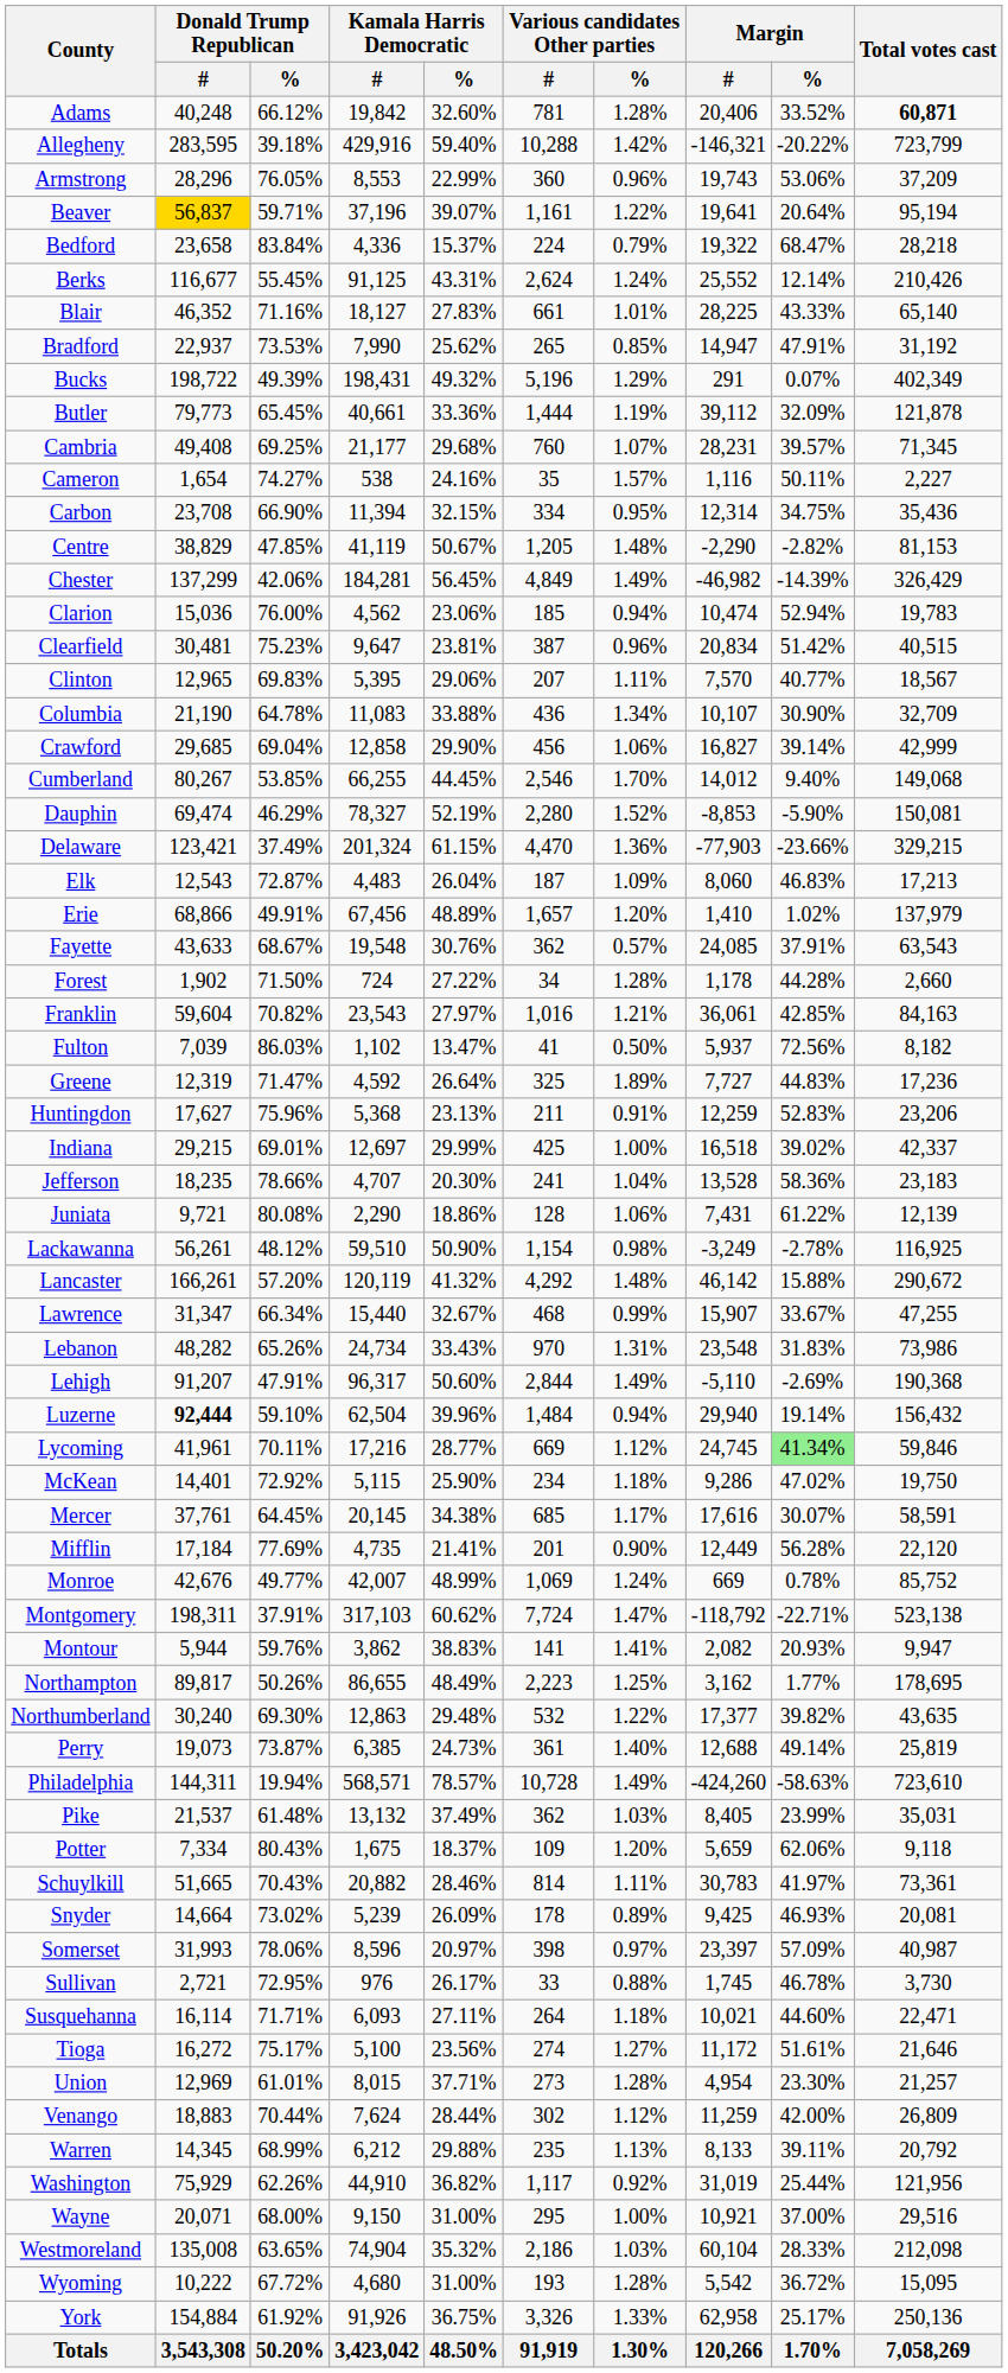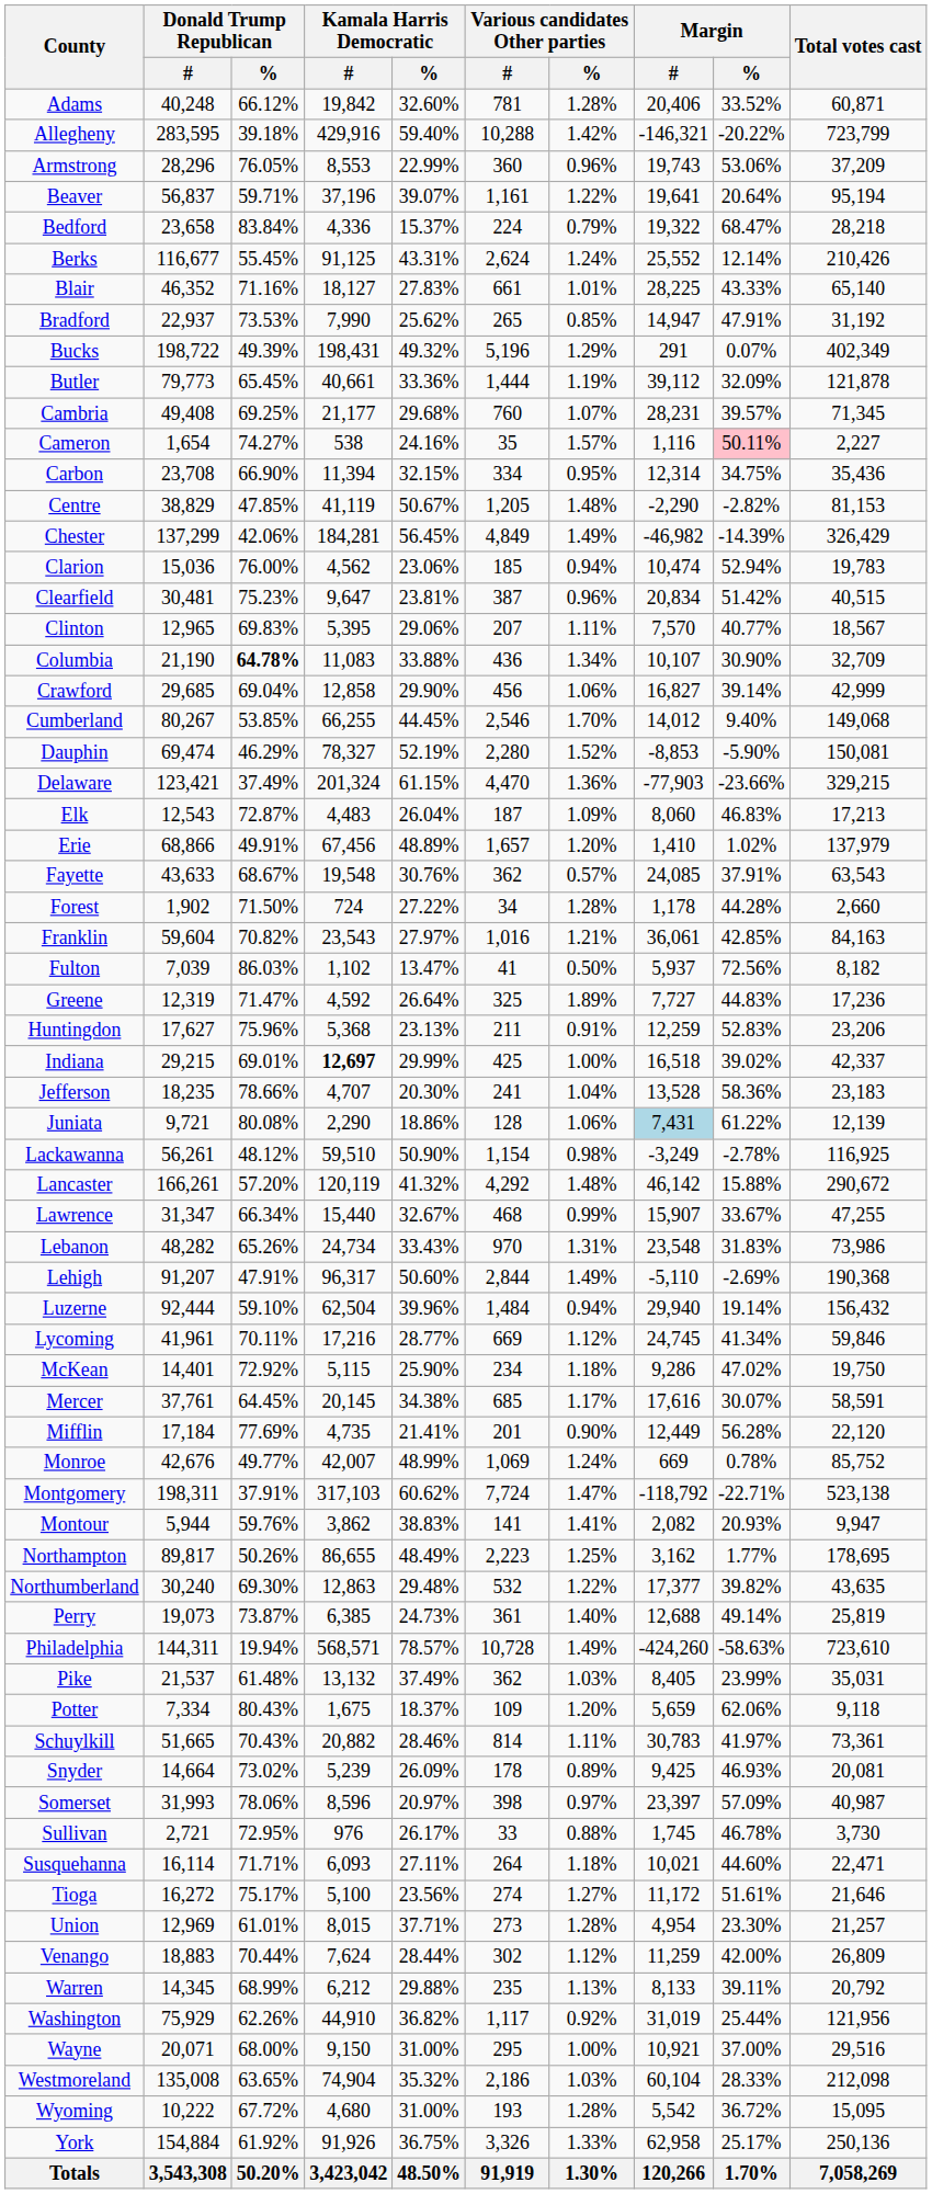 <table width="60%"  class="wikitable sortable" style="text-align:center">
 <tr>
 <th rowspan="2">County</th>
 <th style="text-align:center;" colspan="2">Donald Trump<br>Republican</th>
 <th style="text-align:center;" colspan="2">Kamala Harris<br>Democratic</th>
 <th style="text-align:center;" colspan="2">Various candidates<br>Other parties</th>
 <th style="text-align:center;" colspan="2">Margin</th>
 <th rowspan="2" style="text-align:center;">Total votes cast</th>
 </tr>
 <tr>
 <th style="text-align:center;" data-sort-type="number">#</th>
 <th style="text-align:center;" data-sort-type="number">%</th>
 <th style="text-align:center;" data-sort-type="number">#</th>
 <th style="text-align:center;" data-sort-type="number">%</th>
 <th style="text-align:center;" data-sort-type="number">#</th>
 <th style="text-align:center;" data-sort-type="number">%</th>
 <th style="text-align:center;" data-sort-type="number">#</th>
 <th style="text-align:center;" data-sort-type="number">%</th>
 </tr>
 <tr style="text-align:center;">
 <td><a href='#'>Adams</a></td>
 <td>40,248</td>
 <td>66.12%</td>
 <td>19,842</td>
 <td>32.60%</td>
 <td>781</td>
 <td>1.28%</td>
 <td>20,406</td>
 <td>33.52%</td>
-<td><strong>60,871</strong></td>
+<td>60,871</td>
 </tr>
 <tr style="text-align:center;">
 <td><a href='#'>Allegheny</a></td>
 <td>283,595</td>
 <td>39.18%</td>
 <td>429,916</td>
 <td>59.40%</td>
 <td>10,288</td>
 <td>1.42%</td>
 <td>-146,321</td>
 <td>-20.22%</td>
 <td>723,799</td>
 </tr>
 <tr style="text-align:center;">
 <td><a href='#'>Armstrong</a></td>
 <td>28,296</td>
 <td>76.05%</td>
 <td>8,553</td>
 <td>22.99%</td>
 <td>360</td>
 <td>0.96%</td>
 <td>19,743</td>
 <td>53.06%</td>
 <td>37,209</td>
 </tr>
 <tr style="text-align:center;">
 <td><a href='#'>Beaver</a></td>
-<td style="background: gold;">56,837</td>
+<td>56,837</td>
 <td>59.71%</td>
 <td>37,196</td>
 <td>39.07%</td>
 <td>1,161</td>
 <td>1.22%</td>
 <td>19,641</td>
 <td>20.64%</td>
 <td>95,194</td>
 </tr>
 <tr style="text-align:center;">
 <td><a href='#'>Bedford</a></td>
 <td>23,658</td>
 <td>83.84%</td>
 <td>4,336</td>
 <td>15.37%</td>
 <td>224</td>
 <td>0.79%</td>
 <td>19,322</td>
 <td>68.47%</td>
 <td>28,218</td>
 </tr>
 <tr style="text-align:center;">
 <td><a href='#'>Berks</a></td>
 <td>116,677</td>
 <td>55.45%</td>
 <td>91,125</td>
 <td>43.31%</td>
 <td>2,624</td>
 <td>1.24%</td>
 <td>25,552</td>
 <td>12.14%</td>
 <td>210,426</td>
 </tr>
 <tr style="text-align:center;">
 <td><a href='#'>Blair</a></td>
 <td>46,352</td>
 <td>71.16%</td>
 <td>18,127</td>
 <td>27.83%</td>
 <td>661</td>
 <td>1.01%</td>
 <td>28,225</td>
 <td>43.33%</td>
 <td>65,140</td>
 </tr>
 <tr style="text-align:center;">
 <td><a href='#'>Bradford</a></td>
 <td>22,937</td>
 <td>73.53%</td>
 <td>7,990</td>
 <td>25.62%</td>
 <td>265</td>
 <td>0.85%</td>
 <td>14,947</td>
 <td>47.91%</td>
 <td>31,192</td>
 </tr>
 <tr style="text-align:center;">
 <td><a href='#'>Bucks</a></td>
 <td>198,722</td>
 <td>49.39%</td>
 <td>198,431</td>
 <td>49.32%</td>
 <td>5,196</td>
 <td>1.29%</td>
 <td>291</td>
 <td>0.07%</td>
 <td>402,349</td>
 </tr>
 <tr style="text-align:center;">
 <td><a href='#'>Butler</a></td>
 <td>79,773</td>
 <td>65.45%</td>
 <td>40,661</td>
 <td>33.36%</td>
 <td>1,444</td>
 <td>1.19%</td>
 <td>39,112</td>
 <td>32.09%</td>
 <td>121,878</td>
 </tr>
 <tr style="text-align:center;">
 <td><a href='#'>Cambria</a></td>
 <td>49,408</td>
 <td>69.25%</td>
 <td>21,177</td>
 <td>29.68%</td>
 <td>760</td>
 <td>1.07%</td>
 <td>28,231</td>
 <td>39.57%</td>
 <td>71,345</td>
 </tr>
 <tr style="text-align:center;">
 <td><a href='#'>Cameron</a></td>
 <td>1,654</td>
 <td>74.27%</td>
 <td>538</td>
 <td>24.16%</td>
 <td>35</td>
 <td>1.57%</td>
 <td>1,116</td>
-<td>50.11%</td>
+<td style="background: pink;">50.11%</td>
 <td>2,227</td>
 </tr>
 <tr style="text-align:center;">
 <td><a href='#'>Carbon</a></td>
 <td>23,708</td>
 <td>66.90%</td>
 <td>11,394</td>
 <td>32.15%</td>
 <td>334</td>
 <td>0.95%</td>
 <td>12,314</td>
 <td>34.75%</td>
 <td>35,436</td>
 </tr>
 <tr style="text-align:center;">
 <td><a href='#'>Centre</a></td>
 <td>38,829</td>
 <td>47.85%</td>
 <td>41,119</td>
 <td>50.67%</td>
 <td>1,205</td>
 <td>1.48%</td>
 <td>-2,290</td>
 <td>-2.82%</td>
 <td>81,153</td>
 </tr>
 <tr style="text-align:center;">
 <td><a href='#'>Chester</a></td>
 <td>137,299</td>
 <td>42.06%</td>
 <td>184,281</td>
 <td>56.45%</td>
 <td>4,849</td>
 <td>1.49%</td>
 <td>-46,982</td>
 <td>-14.39%</td>
 <td>326,429</td>
 </tr>
 <tr style="text-align:center;">
 <td><a href='#'>Clarion</a></td>
 <td>15,036</td>
 <td>76.00%</td>
 <td>4,562</td>
 <td>23.06%</td>
 <td>185</td>
 <td>0.94%</td>
 <td>10,474</td>
 <td>52.94%</td>
 <td>19,783</td>
 </tr>
 <tr style="text-align:center;">
 <td><a href='#'>Clearfield</a></td>
 <td>30,481</td>
 <td>75.23%</td>
 <td>9,647</td>
 <td>23.81%</td>
 <td>387</td>
 <td>0.96%</td>
 <td>20,834</td>
 <td>51.42%</td>
 <td>40,515</td>
 </tr>
 <tr style="text-align:center;">
 <td><a href='#'>Clinton</a></td>
 <td>12,965</td>
 <td>69.83%</td>
 <td>5,395</td>
 <td>29.06%</td>
 <td>207</td>
 <td>1.11%</td>
 <td>7,570</td>
 <td>40.77%</td>
 <td>18,567</td>
 </tr>
 <tr style="text-align:center;">
 <td><a href='#'>Columbia</a></td>
 <td>21,190</td>
-<td>64.78%</td>
+<td><strong>64.78%</strong></td>
 <td>11,083</td>
 <td>33.88%</td>
 <td>436</td>
 <td>1.34%</td>
 <td>10,107</td>
 <td>30.90%</td>
 <td>32,709</td>
 </tr>
 <tr style="text-align:center;">
 <td><a href='#'>Crawford</a></td>
 <td>29,685</td>
 <td>69.04%</td>
 <td>12,858</td>
 <td>29.90%</td>
 <td>456</td>
 <td>1.06%</td>
 <td>16,827</td>
 <td>39.14%</td>
 <td>42,999</td>
 </tr>
 <tr style="text-align:center;">
 <td><a href='#'>Cumberland</a></td>
 <td>80,267</td>
 <td>53.85%</td>
 <td>66,255</td>
 <td>44.45%</td>
 <td>2,546</td>
 <td>1.70%</td>
 <td>14,012</td>
 <td>9.40%</td>
 <td>149,068</td>
 </tr>
 <tr style="text-align:center;">
 <td><a href='#'>Dauphin</a></td>
 <td>69,474</td>
 <td>46.29%</td>
 <td>78,327</td>
 <td>52.19%</td>
 <td>2,280</td>
 <td>1.52%</td>
 <td>-8,853</td>
 <td>-5.90%</td>
 <td>150,081</td>
 </tr>
 <tr style="text-align:center;">
 <td><a href='#'>Delaware</a></td>
 <td>123,421</td>
 <td>37.49%</td>
 <td>201,324</td>
 <td>61.15%</td>
 <td>4,470</td>
 <td>1.36%</td>
 <td>-77,903</td>
 <td>-23.66%</td>
 <td>329,215</td>
 </tr>
 <tr style="text-align:center;">
 <td><a href='#'>Elk</a></td>
 <td>12,543</td>
 <td>72.87%</td>
 <td>4,483</td>
 <td>26.04%</td>
 <td>187</td>
 <td>1.09%</td>
 <td>8,060</td>
 <td>46.83%</td>
 <td>17,213</td>
 </tr>
 <tr style="text-align:center;">
 <td><a href='#'>Erie</a></td>
 <td>68,866</td>
 <td>49.91%</td>
 <td>67,456</td>
 <td>48.89%</td>
 <td>1,657</td>
 <td>1.20%</td>
 <td>1,410</td>
 <td>1.02%</td>
 <td>137,979</td>
 </tr>
 <tr style="text-align:center;">
 <td><a href='#'>Fayette</a></td>
 <td>43,633</td>
 <td>68.67%</td>
 <td>19,548</td>
 <td>30.76%</td>
 <td>362</td>
 <td>0.57%</td>
 <td>24,085</td>
 <td>37.91%</td>
 <td>63,543</td>
 </tr>
 <tr style="text-align:center;">
 <td><a href='#'>Forest</a></td>
 <td>1,902</td>
 <td>71.50%</td>
 <td>724</td>
 <td>27.22%</td>
 <td>34</td>
 <td>1.28%</td>
 <td>1,178</td>
 <td>44.28%</td>
 <td>2,660</td>
 </tr>
 <tr style="text-align:center;">
 <td><a href='#'>Franklin</a></td>
 <td>59,604</td>
 <td>70.82%</td>
 <td>23,543</td>
 <td>27.97%</td>
 <td>1,016</td>
 <td>1.21%</td>
 <td>36,061</td>
 <td>42.85%</td>
 <td>84,163</td>
 </tr>
 <tr style="text-align:center;">
 <td><a href='#'>Fulton</a></td>
 <td>7,039</td>
 <td>86.03%</td>
 <td>1,102</td>
 <td>13.47%</td>
 <td>41</td>
 <td>0.50%</td>
 <td>5,937</td>
 <td>72.56%</td>
 <td>8,182</td>
 </tr>
 <tr style="text-align:center;">
 <td><a href='#'>Greene</a></td>
 <td>12,319</td>
 <td>71.47%</td>
 <td>4,592</td>
 <td>26.64%</td>
 <td>325</td>
 <td>1.89%</td>
 <td>7,727</td>
 <td>44.83%</td>
 <td>17,236</td>
 </tr>
 <tr style="text-align:center;">
 <td><a href='#'>Huntingdon</a></td>
 <td>17,627</td>
 <td>75.96%</td>
 <td>5,368</td>
 <td>23.13%</td>
 <td>211</td>
 <td>0.91%</td>
 <td>12,259</td>
 <td>52.83%</td>
 <td>23,206</td>
 </tr>
 <tr style="text-align:center;">
 <td><a href='#'>Indiana</a></td>
 <td>29,215</td>
 <td>69.01%</td>
-<td>12,697</td>
+<td><strong>12,697</strong></td>
 <td>29.99%</td>
 <td>425</td>
 <td>1.00%</td>
 <td>16,518</td>
 <td>39.02%</td>
 <td>42,337</td>
 </tr>
 <tr style="text-align:center;">
 <td><a href='#'>Jefferson</a></td>
 <td>18,235</td>
 <td>78.66%</td>
 <td>4,707</td>
 <td>20.30%</td>
 <td>241</td>
 <td>1.04%</td>
 <td>13,528</td>
 <td>58.36%</td>
 <td>23,183</td>
 </tr>
 <tr style="text-align:center;">
 <td><a href='#'>Juniata</a></td>
 <td>9,721</td>
 <td>80.08%</td>
 <td>2,290</td>
 <td>18.86%</td>
 <td>128</td>
 <td>1.06%</td>
-<td>7,431</td>
+<td style="background: lightblue;">7,431</td>
 <td>61.22%</td>
 <td>12,139</td>
 </tr>
 <tr style="text-align:center;">
 <td><a href='#'>Lackawanna</a></td>
 <td>56,261</td>
 <td>48.12%</td>
 <td>59,510</td>
 <td>50.90%</td>
 <td>1,154</td>
 <td>0.98%</td>
 <td>-3,249</td>
 <td>-2.78%</td>
 <td>116,925</td>
 </tr>
 <tr style="text-align:center;">
 <td><a href='#'>Lancaster</a></td>
 <td>166,261</td>
 <td>57.20%</td>
 <td>120,119</td>
 <td>41.32%</td>
 <td>4,292</td>
 <td>1.48%</td>
 <td>46,142</td>
 <td>15.88%</td>
 <td>290,672</td>
 </tr>
 <tr style="text-align:center;">
 <td><a href='#'>Lawrence</a></td>
 <td>31,347</td>
 <td>66.34%</td>
 <td>15,440</td>
 <td>32.67%</td>
 <td>468</td>
 <td>0.99%</td>
 <td>15,907</td>
 <td>33.67%</td>
 <td>47,255</td>
 </tr>
 <tr style="text-align:center;">
 <td><a href='#'>Lebanon</a></td>
 <td>48,282</td>
 <td>65.26%</td>
 <td>24,734</td>
 <td>33.43%</td>
 <td>970</td>
 <td>1.31%</td>
 <td>23,548</td>
 <td>31.83%</td>
 <td>73,986</td>
 </tr>
 <tr style="text-align:center;">
 <td><a href='#'>Lehigh</a></td>
 <td>91,207</td>
 <td>47.91%</td>
 <td>96,317</td>
 <td>50.60%</td>
 <td>2,844</td>
 <td>1.49%</td>
 <td>-5,110</td>
 <td>-2.69%</td>
 <td>190,368</td>
 </tr>
 <tr style="text-align:center;">
 <td><a href='#'>Luzerne</a></td>
-<td><strong>92,444</strong></td>
+<td>92,444</td>
 <td>59.10%</td>
 <td>62,504</td>
 <td>39.96%</td>
 <td>1,484</td>
 <td>0.94%</td>
 <td>29,940</td>
 <td>19.14%</td>
 <td>156,432</td>
 </tr>
 <tr style="text-align:center;">
 <td><a href='#'>Lycoming</a></td>
 <td>41,961</td>
 <td>70.11%</td>
 <td>17,216</td>
 <td>28.77%</td>
 <td>669</td>
 <td>1.12%</td>
 <td>24,745</td>
-<td style="background: lightgreen;">41.34%</td>
+<td>41.34%</td>
 <td>59,846</td>
 </tr>
 <tr style="text-align:center;">
 <td><a href='#'>McKean</a></td>
 <td>14,401</td>
 <td>72.92%</td>
 <td>5,115</td>
 <td>25.90%</td>
 <td>234</td>
 <td>1.18%</td>
 <td>9,286</td>
 <td>47.02%</td>
 <td>19,750</td>
 </tr>
 <tr style="text-align:center;">
 <td><a href='#'>Mercer</a></td>
 <td>37,761</td>
 <td>64.45%</td>
 <td>20,145</td>
 <td>34.38%</td>
 <td>685</td>
 <td>1.17%</td>
 <td>17,616</td>
 <td>30.07%</td>
 <td>58,591</td>
 </tr>
 <tr style="text-align:center;">
 <td><a href='#'>Mifflin</a></td>
 <td>17,184</td>
 <td>77.69%</td>
 <td>4,735</td>
 <td>21.41%</td>
 <td>201</td>
 <td>0.90%</td>
 <td>12,449</td>
 <td>56.28%</td>
 <td>22,120</td>
 </tr>
 <tr style="text-align:center;">
 <td><a href='#'>Monroe</a></td>
 <td>42,676</td>
 <td>49.77%</td>
 <td>42,007</td>
 <td>48.99%</td>
 <td>1,069</td>
 <td>1.24%</td>
 <td>669</td>
 <td>0.78%</td>
 <td>85,752</td>
 </tr>
 <tr style="text-align:center;">
 <td><a href='#'>Montgomery</a></td>
 <td>198,311</td>
 <td>37.91%</td>
 <td>317,103</td>
 <td>60.62%</td>
 <td>7,724</td>
 <td>1.47%</td>
 <td>-118,792</td>
 <td>-22.71%</td>
 <td>523,138</td>
 </tr>
 <tr style="text-align:center;">
 <td><a href='#'>Montour</a></td>
 <td>5,944</td>
 <td>59.76%</td>
 <td>3,862</td>
 <td>38.83%</td>
 <td>141</td>
 <td>1.41%</td>
 <td>2,082</td>
 <td>20.93%</td>
 <td>9,947</td>
 </tr>
 <tr style="text-align:center;">
 <td><a href='#'>Northampton</a></td>
 <td>89,817</td>
 <td>50.26%</td>
 <td>86,655</td>
 <td>48.49%</td>
 <td>2,223</td>
 <td>1.25%</td>
 <td>3,162</td>
 <td>1.77%</td>
 <td>178,695</td>
 </tr>
 <tr style="text-align:center;">
 <td><a href='#'>Northumberland</a></td>
 <td>30,240</td>
 <td>69.30%</td>
 <td>12,863</td>
 <td>29.48%</td>
 <td>532</td>
 <td>1.22%</td>
 <td>17,377</td>
 <td>39.82%</td>
 <td>43,635</td>
 </tr>
 <tr style="text-align:center;">
 <td><a href='#'>Perry</a></td>
 <td>19,073</td>
 <td>73.87%</td>
 <td>6,385</td>
 <td>24.73%</td>
 <td>361</td>
 <td>1.40%</td>
 <td>12,688</td>
 <td>49.14%</td>
 <td>25,819</td>
 </tr>
 <tr style="text-align:center;">
 <td><a href='#'>Philadelphia</a></td>
 <td>144,311</td>
 <td>19.94%</td>
 <td>568,571</td>
 <td>78.57%</td>
 <td>10,728</td>
 <td>1.49%</td>
 <td>-424,260</td>
 <td>-58.63%</td>
 <td>723,610</td>
 </tr>
 <tr style="text-align:center;">
 <td><a href='#'>Pike</a></td>
 <td>21,537</td>
 <td>61.48%</td>
 <td>13,132</td>
 <td>37.49%</td>
 <td>362</td>
 <td>1.03%</td>
 <td>8,405</td>
 <td>23.99%</td>
 <td>35,031</td>
 </tr>
 <tr style="text-align:center;">
 <td><a href='#'>Potter</a></td>
 <td>7,334</td>
 <td>80.43%</td>
 <td>1,675</td>
 <td>18.37%</td>
 <td>109</td>
 <td>1.20%</td>
 <td>5,659</td>
 <td>62.06%</td>
 <td>9,118</td>
 </tr>
 <tr style="text-align:center;">
 <td><a href='#'>Schuylkill</a></td>
 <td>51,665</td>
 <td>70.43%</td>
 <td>20,882</td>
 <td>28.46%</td>
 <td>814</td>
 <td>1.11%</td>
 <td>30,783</td>
 <td>41.97%</td>
 <td>73,361</td>
 </tr>
 <tr style="text-align:center;">
 <td><a href='#'>Snyder</a></td>
 <td>14,664</td>
 <td>73.02%</td>
 <td>5,239</td>
 <td>26.09%</td>
 <td>178</td>
 <td>0.89%</td>
 <td>9,425</td>
 <td>46.93%</td>
 <td>20,081</td>
 </tr>
 <tr style="text-align:center;">
 <td><a href='#'>Somerset</a></td>
 <td>31,993</td>
 <td>78.06%</td>
 <td>8,596</td>
 <td>20.97%</td>
 <td>398</td>
 <td>0.97%</td>
 <td>23,397</td>
 <td>57.09%</td>
 <td>40,987</td>
 </tr>
 <tr style="text-align:center;">
 <td><a href='#'>Sullivan</a></td>
 <td>2,721</td>
 <td>72.95%</td>
 <td>976</td>
 <td>26.17%</td>
 <td>33</td>
 <td>0.88%</td>
 <td>1,745</td>
 <td>46.78%</td>
 <td>3,730</td>
 </tr>
 <tr style="text-align:center;">
 <td><a href='#'>Susquehanna</a></td>
 <td>16,114</td>
 <td>71.71%</td>
 <td>6,093</td>
 <td>27.11%</td>
 <td>264</td>
 <td>1.18%</td>
 <td>10,021</td>
 <td>44.60%</td>
 <td>22,471</td>
 </tr>
 <tr style="text-align:center;">
 <td><a href='#'>Tioga</a></td>
 <td>16,272</td>
 <td>75.17%</td>
 <td>5,100</td>
 <td>23.56%</td>
 <td>274</td>
 <td>1.27%</td>
 <td>11,172</td>
 <td>51.61%</td>
 <td>21,646</td>
 </tr>
 <tr style="text-align:center;">
 <td><a href='#'>Union</a></td>
 <td>12,969</td>
 <td>61.01%</td>
 <td>8,015</td>
 <td>37.71%</td>
 <td>273</td>
 <td>1.28%</td>
 <td>4,954</td>
 <td>23.30%</td>
 <td>21,257</td>
 </tr>
 <tr style="text-align:center;">
 <td><a href='#'>Venango</a></td>
 <td>18,883</td>
 <td>70.44%</td>
 <td>7,624</td>
 <td>28.44%</td>
 <td>302</td>
 <td>1.12%</td>
 <td>11,259</td>
 <td>42.00%</td>
 <td>26,809</td>
 </tr>
 <tr style="text-align:center;">
 <td><a href='#'>Warren</a></td>
 <td>14,345</td>
 <td>68.99%</td>
 <td>6,212</td>
 <td>29.88%</td>
 <td>235</td>
 <td>1.13%</td>
 <td>8,133</td>
 <td>39.11%</td>
 <td>20,792</td>
 </tr>
 <tr style="text-align:center;">
 <td><a href='#'>Washington</a></td>
 <td>75,929</td>
 <td>62.26%</td>
 <td>44,910</td>
 <td>36.82%</td>
 <td>1,117</td>
 <td>0.92%</td>
 <td>31,019</td>
 <td>25.44%</td>
 <td>121,956</td>
 </tr>
 <tr style="text-align:center;">
 <td><a href='#'>Wayne</a></td>
 <td>20,071</td>
 <td>68.00%</td>
 <td>9,150</td>
 <td>31.00%</td>
 <td>295</td>
 <td>1.00%</td>
 <td>10,921</td>
 <td>37.00%</td>
 <td>29,516</td>
 </tr>
 <tr style="text-align:center;">
 <td><a href='#'>Westmoreland</a></td>
 <td>135,008</td>
 <td>63.65%</td>
 <td>74,904</td>
 <td>35.32%</td>
 <td>2,186</td>
 <td>1.03%</td>
 <td>60,104</td>
 <td>28.33%</td>
 <td>212,098</td>
 </tr>
 <tr style="text-align:center;">
 <td><a href='#'>Wyoming</a></td>
 <td>10,222</td>
 <td>67.72%</td>
 <td>4,680</td>
 <td>31.00%</td>
 <td>193</td>
 <td>1.28%</td>
 <td>5,542</td>
 <td>36.72%</td>
 <td>15,095</td>
 </tr>
 <tr style="text-align:center;">
 <td><a href='#'>York</a></td>
 <td>154,884</td>
 <td>61.92%</td>
 <td>91,926</td>
 <td>36.75%</td>
 <td>3,326</td>
 <td>1.33%</td>
 <td>62,958</td>
 <td>25.17%</td>
 <td>250,136</td>
 </tr>
 <tr style="text-align:center;">
 <th>Totals</th>
 <th>3,543,308</th>
 <th>50.20%</th>
 <th>3,423,042</th>
 <th>48.50%</th>
 <th>91,919</th>
 <th>1.30%</th>
 <th>120,266</th>
 <th>1.70%</th>
 <th>7,058,269</th>
 </tr>
 </table>
